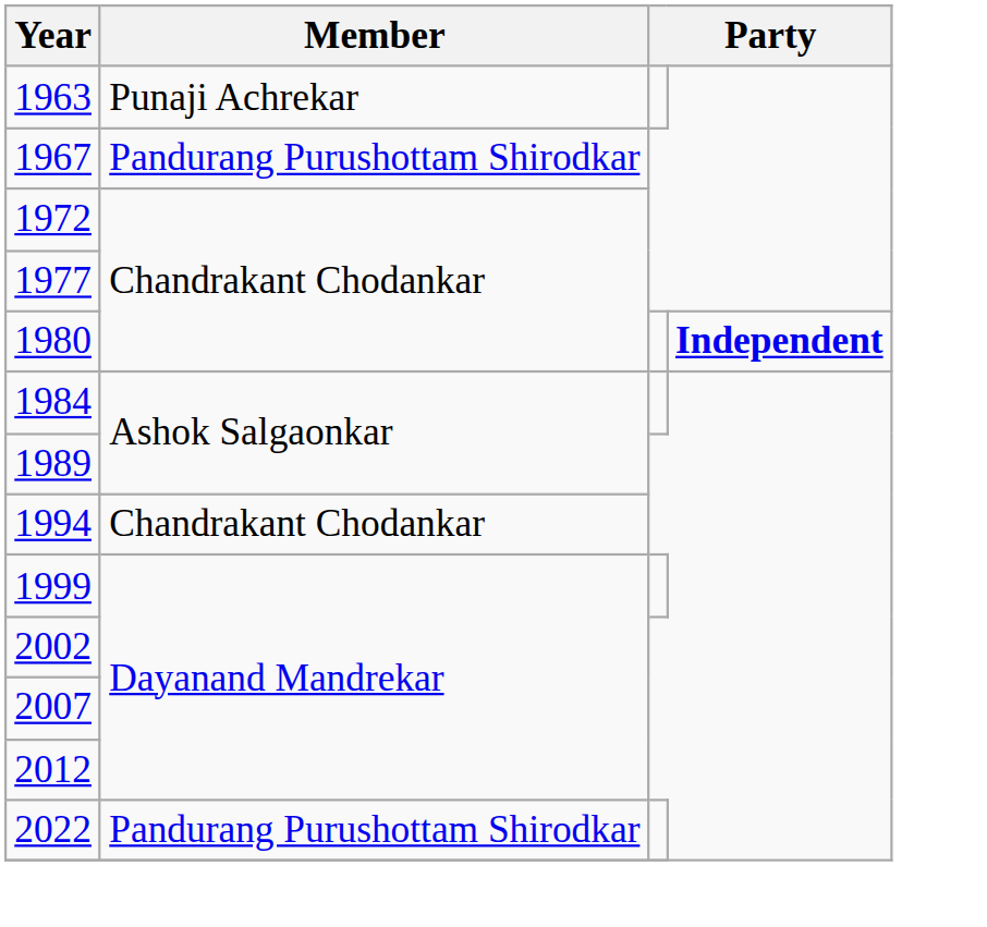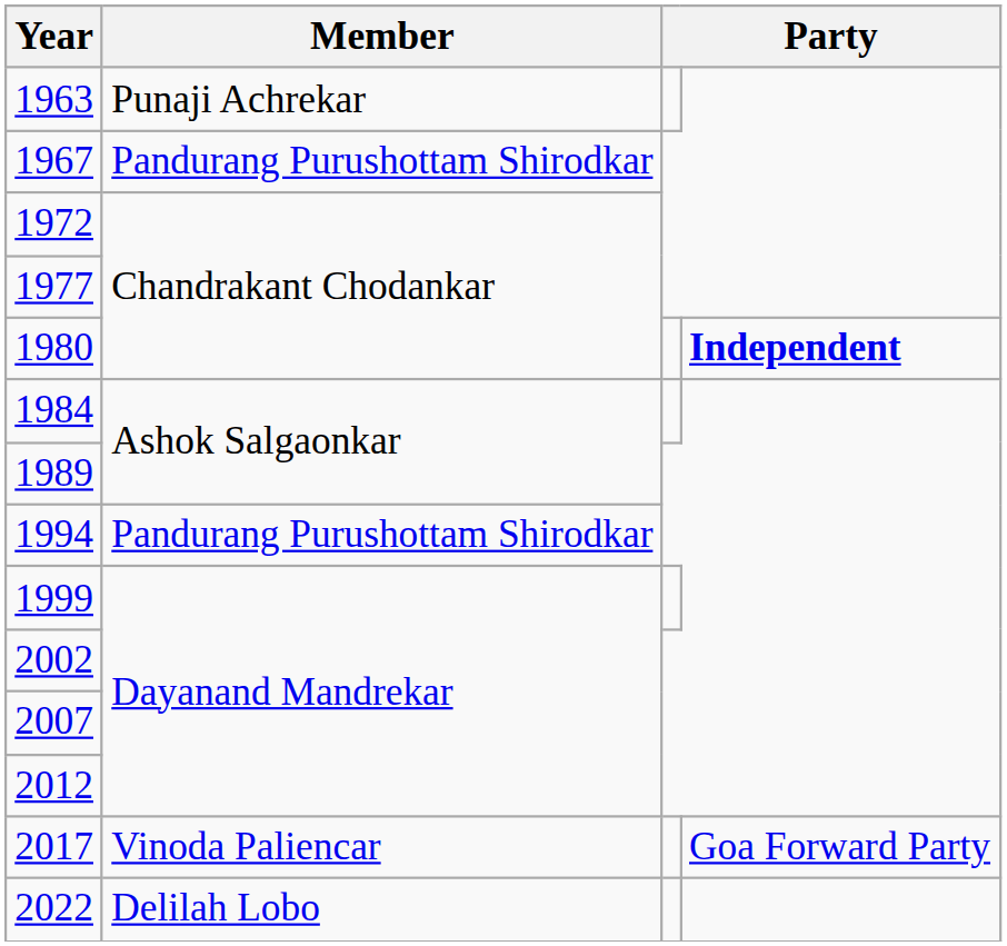 <table class="wikitable sortable">
 <tr>
 <th>Year</th>
 <th>Member</th>
 <th colspan="2">Party</th>
 </tr>
 <tr>
 <td><a href='#'>1963</a></td>
 <td>Punaji Achrekar</td>
 <td></td>
 </tr>
 <tr>
 <td><a href='#'>1967</a></td>
 <td><a href='#'>Pandurang Purushottam Shirodkar</a></td>
 </tr>
 <tr>
 <td><a href='#'>1972</a></td>
 <td rowspan=3>Chandrakant Chodankar</td>
 </tr>
 <tr>
 <td><a href='#'>1977</a></td>
 </tr>
 <tr>
 <td><a href='#'>1980</a></td>
 <td style="background-color: "></td>
 <td><strong><a href='#'>Independent</a></strong></td>
 </tr>
 <tr>
 <td><a href='#'>1984</a></td>
 <td rowspan=2>Ashok Salgaonkar</td>
 <td></td>
 </tr>
 <tr>
 <td><a href='#'>1989</a></td>
 </tr>
 <tr>
 <td><a href='#'>1994</a></td>
-<td>Chandrakant Chodankar</td>
+<td><a href='#'>Pandurang Purushottam Shirodkar</a></td>
 </tr>
 <tr>
 <td><a href='#'>1999</a></td>
 <td rowspan=4><a href='#'>Dayanand Mandrekar</a></td>
 <td></td>
 </tr>
 <tr>
 <td><a href='#'>2002</a></td>
 </tr>
 <tr>
 <td><a href='#'>2007</a></td>
 </tr>
 <tr>
 <td><a href='#'>2012</a></td>
 </tr>
 <tr>
+<td><a href='#'>2017</a></td>
+<td><a href='#'>Vinoda Paliencar</a></td>
+<td style="background-color: "></td>
+<td><a href='#'>Goa Forward Party</a></td>
+</tr>
+<tr>
 <td><a href='#'>2022</a></td>
-<td><a href='#'>Pandurang Purushottam Shirodkar</a></td>
+<td><a href='#'>Delilah Lobo</a></td>
 <td></td>
 </tr>
 <tr>
 </tr>
 </table>
